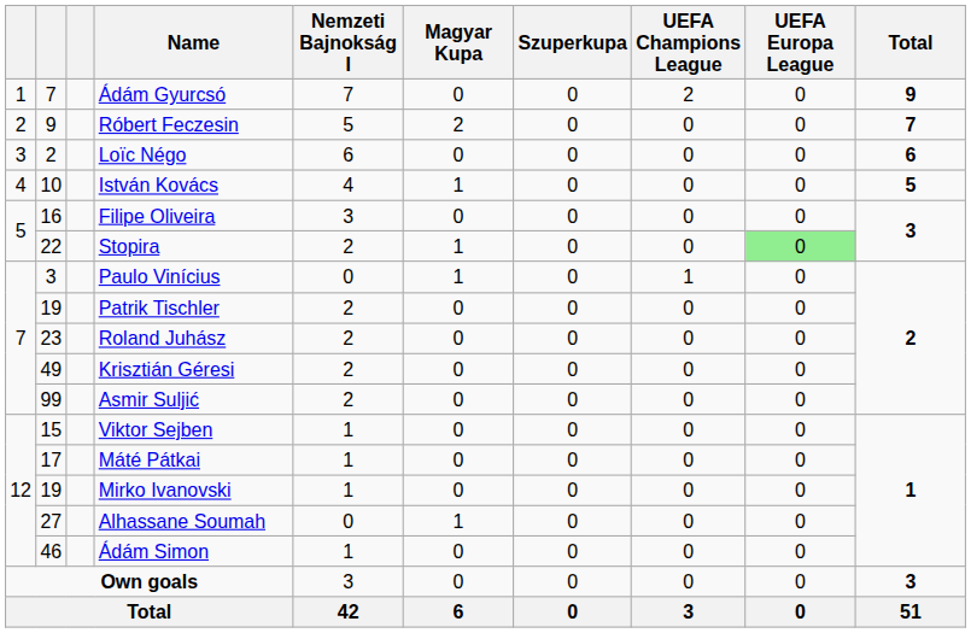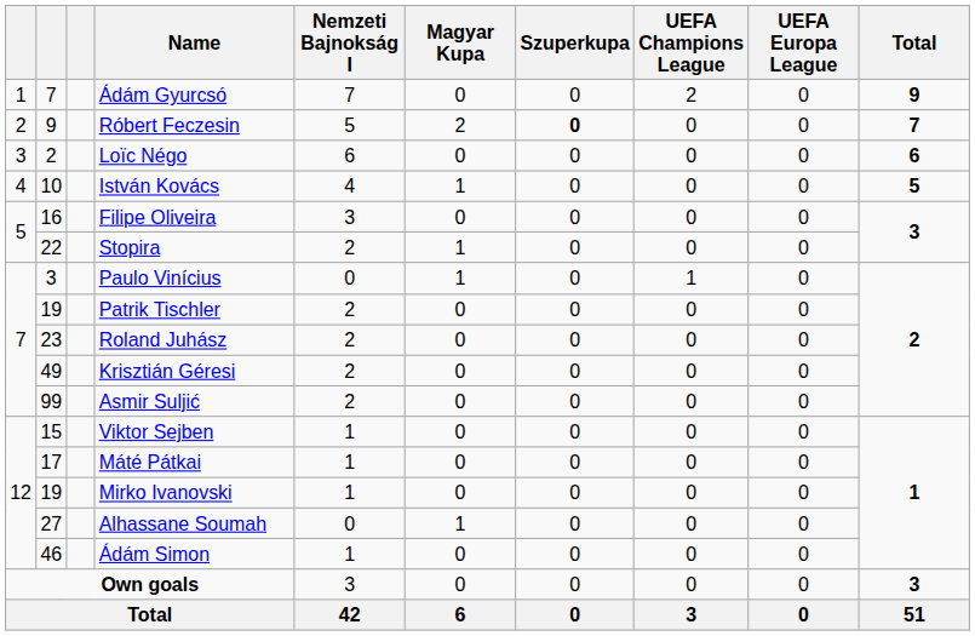 <table class="wikitable" style="font-size: 95%; text-align: center;">
 <tr>
 <th width="15"></th>
 <th width="15"></th>
 <th width="15"></th>
 <th width="150">Name</th>
 <th width="80">Nemzeti Bajnokság I</th>
 <th width="80">Magyar Kupa</th>
 <th width="80">Szuperkupa</th>
 <th width="80">UEFA Champions League</th>
 <th width="80">UEFA Europa League</th>
 <th width="80">Total</th>
 </tr>
 <tr>
 <td>1</td>
 <td>7</td>
 <td></td>
 <td align=left><a href='#'>Ádám Gyurcsó</a></td>
 <td>7</td>
 <td>0</td>
 <td>0</td>
 <td>2</td>
 <td>0</td>
 <td><strong>9</strong></td>
 </tr>
 <tr>
 <td>2</td>
 <td>9</td>
 <td></td>
 <td align=left><a href='#'>Róbert Feczesin</a></td>
 <td>5</td>
 <td>2</td>
-<td>0</td>
+<td><strong>0</strong></td>
 <td>0</td>
 <td>0</td>
 <td><strong>7</strong></td>
 </tr>
 <tr>
 <td>3</td>
 <td>2</td>
 <td></td>
 <td align=left><a href='#'>Loïc Négo</a></td>
 <td>6</td>
 <td>0</td>
 <td>0</td>
 <td>0</td>
 <td>0</td>
 <td><strong>6</strong></td>
 </tr>
 <tr>
 <td>4</td>
 <td>10</td>
 <td></td>
 <td align=left><a href='#'>István Kovács</a></td>
 <td>4</td>
 <td>1</td>
 <td>0</td>
 <td>0</td>
 <td>0</td>
 <td><strong>5</strong></td>
 </tr>
 <tr>
 <td rowspan="2">5</td>
 <td>16</td>
 <td></td>
 <td align=left><a href='#'>Filipe Oliveira</a></td>
 <td>3</td>
 <td>0</td>
 <td>0</td>
 <td>0</td>
 <td>0</td>
 <td rowspan="2"><strong>3</strong></td>
 </tr>
 <tr>
 <td>22</td>
 <td></td>
 <td align=left><a href='#'>Stopira</a></td>
 <td>2</td>
 <td>1</td>
 <td>0</td>
 <td>0</td>
-<td style="background: lightgreen;">0</td>
+<td>0</td>
 </tr>
 <tr>
 <td rowspan="5">7</td>
 <td>3</td>
 <td></td>
 <td align=left><a href='#'>Paulo Vinícius</a></td>
 <td>0</td>
 <td>1</td>
 <td>0</td>
 <td>1</td>
 <td>0</td>
 <td rowspan="5"><strong>2</strong></td>
 </tr>
 <tr>
 <td>19</td>
 <td></td>
 <td align=left><a href='#'>Patrik Tischler</a></td>
 <td>2</td>
 <td>0</td>
 <td>0</td>
 <td>0</td>
 <td>0</td>
 </tr>
 <tr>
 <td>23</td>
 <td></td>
 <td align=left><a href='#'>Roland Juhász</a></td>
 <td>2</td>
 <td>0</td>
 <td>0</td>
 <td>0</td>
 <td>0</td>
 </tr>
 <tr>
 <td>49</td>
 <td></td>
 <td align=left><a href='#'>Krisztián Géresi</a></td>
 <td>2</td>
 <td>0</td>
 <td>0</td>
 <td>0</td>
 <td>0</td>
 </tr>
 <tr>
 <td>99</td>
 <td></td>
 <td align=left><a href='#'>Asmir Suljić</a></td>
 <td>2</td>
 <td>0</td>
 <td>0</td>
 <td>0</td>
 <td>0</td>
 </tr>
 <tr>
 <td rowspan="5">12</td>
 <td>15</td>
 <td></td>
 <td align=left><a href='#'>Viktor Sejben</a></td>
 <td>1</td>
 <td>0</td>
 <td>0</td>
 <td>0</td>
 <td>0</td>
 <td rowspan="5"><strong>1</strong></td>
 </tr>
 <tr>
 <td>17</td>
 <td></td>
 <td align=left><a href='#'>Máté Pátkai</a></td>
 <td>1</td>
 <td>0</td>
 <td>0</td>
 <td>0</td>
 <td>0</td>
 </tr>
 <tr>
 <td>19</td>
 <td></td>
 <td align=left><a href='#'>Mirko Ivanovski</a></td>
 <td>1</td>
 <td>0</td>
 <td>0</td>
 <td>0</td>
 <td>0</td>
 </tr>
 <tr>
 <td>27</td>
 <td></td>
 <td align=left><a href='#'>Alhassane Soumah</a></td>
 <td>0</td>
 <td>1</td>
 <td>0</td>
 <td>0</td>
 <td>0</td>
 </tr>
 <tr>
 <td>46</td>
 <td></td>
 <td align=left><a href='#'>Ádám Simon</a></td>
 <td>1</td>
 <td>0</td>
 <td>0</td>
 <td>0</td>
 <td>0</td>
 </tr>
 <tr>
 <td colspan="4"><strong>Own goals</strong></td>
 <td>3</td>
 <td>0</td>
 <td>0</td>
 <td>0</td>
 <td>0</td>
 <td><strong>3</strong></td>
 </tr>
 <tr>
 <th colspan="4">Total</th>
 <th>42</th>
 <th>6</th>
 <th>0</th>
 <th>3</th>
 <th>0</th>
 <th>51</th>
 </tr>
 </table>
